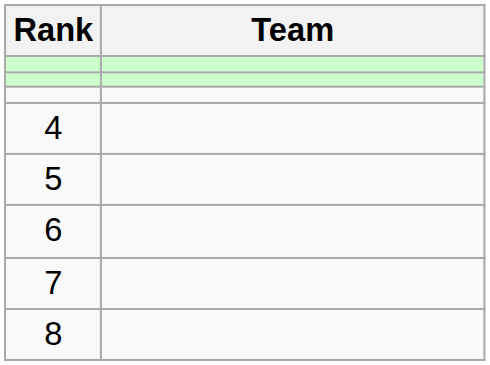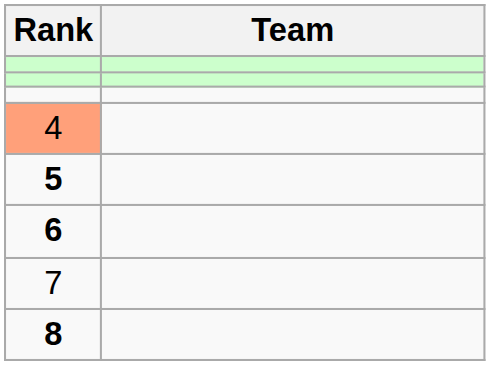 <table class="wikitable" style="text-align:center">
 <tr>
 <th width=40>Rank</th>
 <th width=180>Team</th>
 </tr>
 <tr bgcolor=#ccffcc>
 <td></td>
 <td style="text-align:left"></td>
 </tr>
 <tr bgcolor=#ccffcc>
 <td></td>
 <td style="text-align:left"></td>
 </tr>
 <tr>
 <td></td>
 <td style="text-align:left"></td>
 </tr>
 <tr>
-<td>4</td>
+<td style="background: lightsalmon;">4</td>
 <td style="text-align:left"></td>
 </tr>
 <tr>
-<td>5</td>
+<td><strong>5</strong></td>
 <td style="text-align:left"></td>
 </tr>
 <tr>
-<td>6</td>
+<td><strong>6</strong></td>
 <td style="text-align:left"></td>
 </tr>
 <tr>
 <td>7</td>
 <td style="text-align:left"></td>
 </tr>
 <tr>
-<td>8</td>
+<td><strong>8</strong></td>
 <td style="text-align:left"></td>
 </tr>
 </table>
